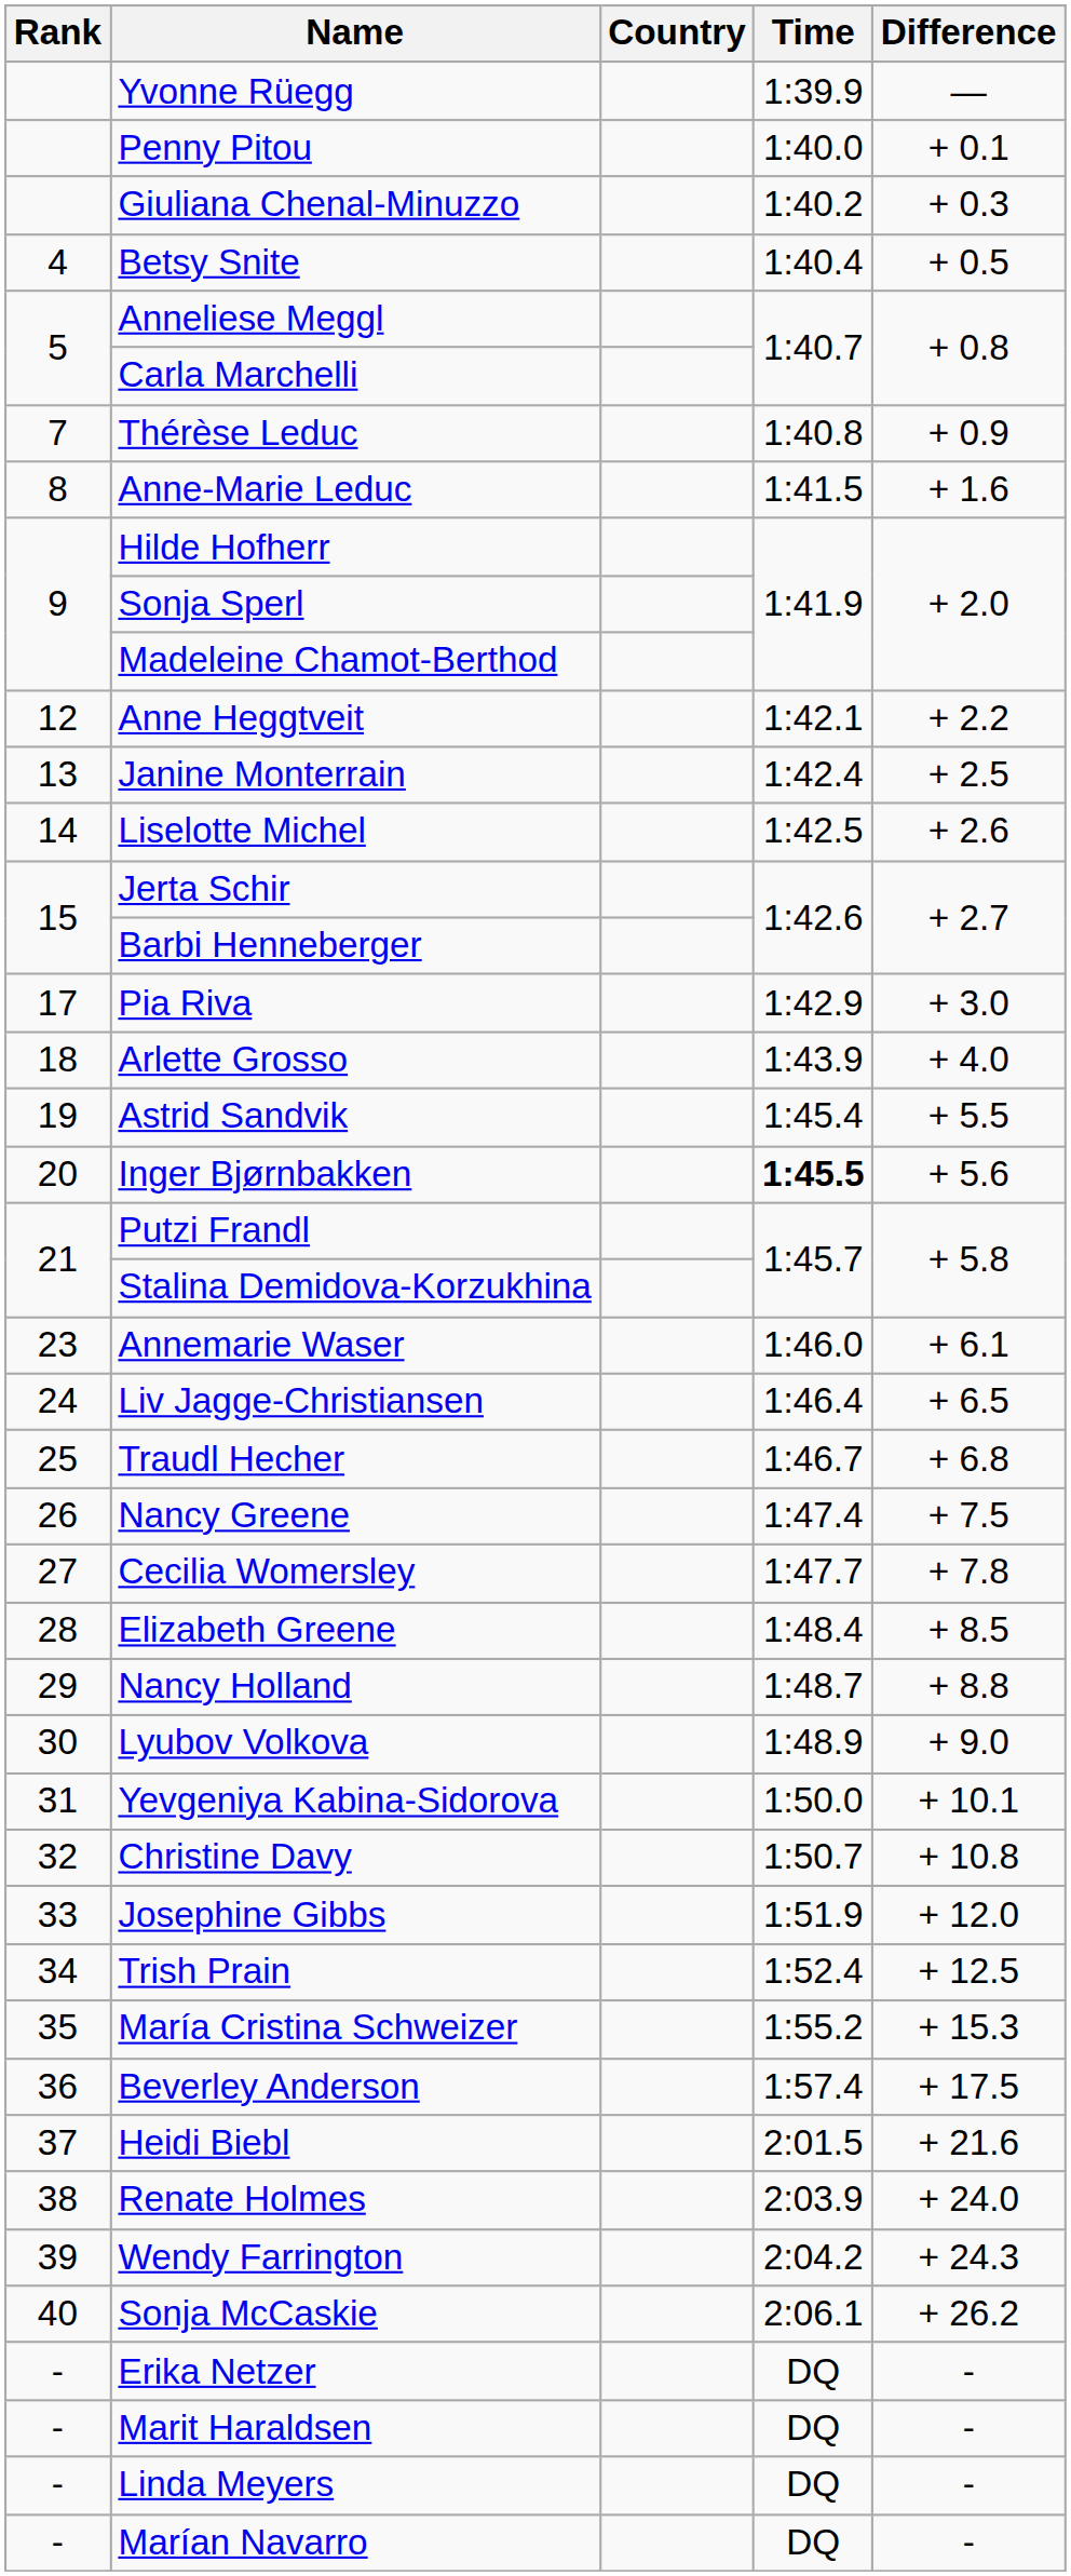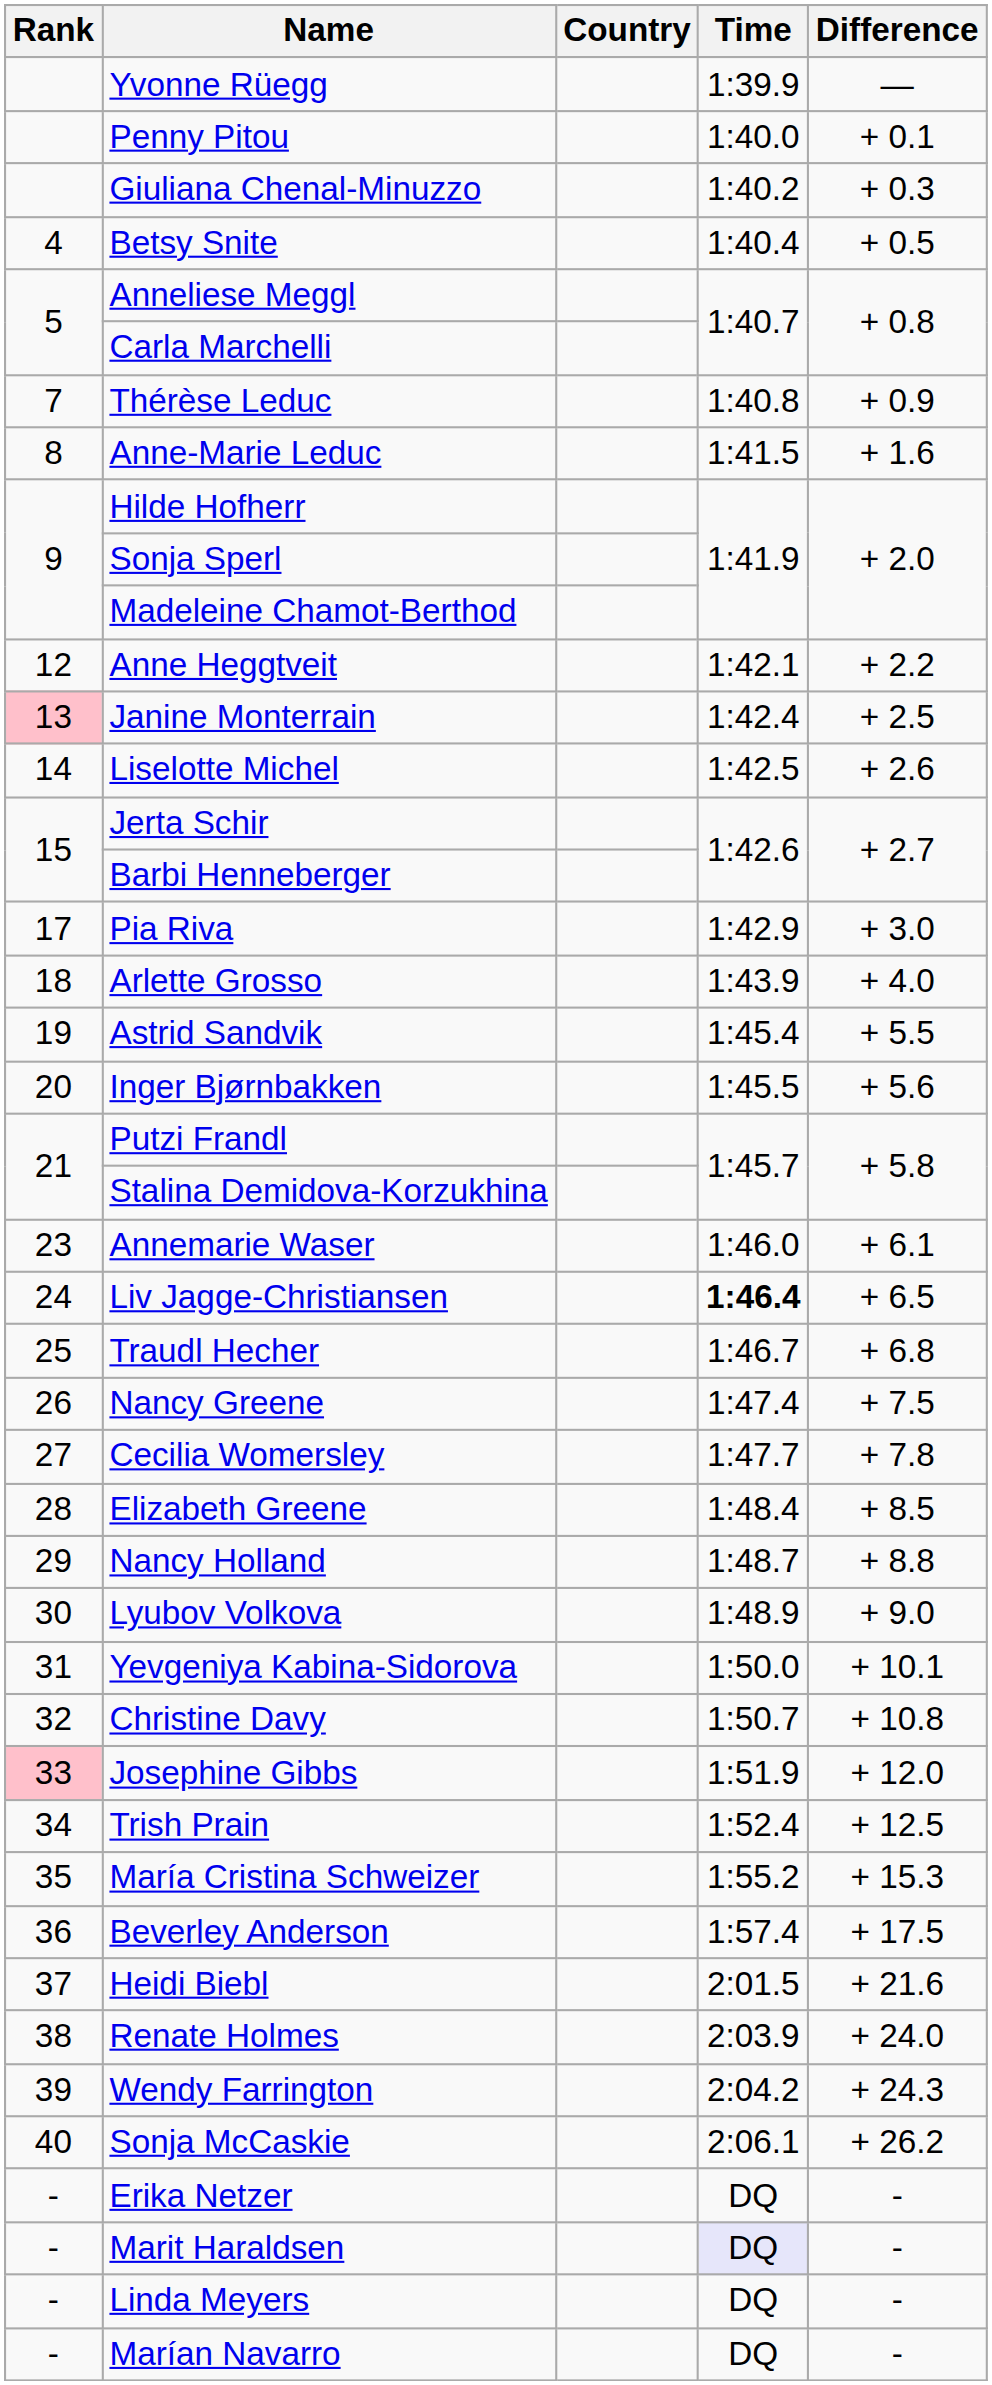 <table class="wikitable sortable" style="text-align:center">
 <tr>
 <th>Rank</th>
 <th>Name</th>
 <th>Country</th>
 <th>Time</th>
 <th>Difference</th>
 </tr>
 <tr>
 <td></td>
 <td align=left><a href='#'>Yvonne Rüegg</a></td>
 <td align=left></td>
 <td>1:39.9</td>
 <td>—</td>
 </tr>
 <tr>
 <td></td>
 <td align=left><a href='#'>Penny Pitou</a></td>
 <td align=left></td>
 <td>1:40.0</td>
 <td>+ 0.1</td>
 </tr>
 <tr>
 <td></td>
 <td align=left><a href='#'>Giuliana Chenal-Minuzzo</a></td>
 <td align=left></td>
 <td>1:40.2</td>
 <td>+ 0.3</td>
 </tr>
 <tr>
 <td>4</td>
 <td align=left><a href='#'>Betsy Snite</a></td>
 <td align=left></td>
 <td>1:40.4</td>
 <td>+ 0.5</td>
 </tr>
 <tr>
 <td rowspan=2>5</td>
 <td align=left><a href='#'>Anneliese Meggl</a></td>
 <td align=left></td>
 <td rowspan=2>1:40.7</td>
 <td rowspan=2>+ 0.8</td>
 </tr>
 <tr>
 <td align=left><a href='#'>Carla Marchelli</a></td>
 <td align=left></td>
 </tr>
 <tr>
 <td>7</td>
 <td align=left><a href='#'>Thérèse Leduc</a></td>
 <td align=left></td>
 <td>1:40.8</td>
 <td>+ 0.9</td>
 </tr>
 <tr>
 <td>8</td>
 <td align=left><a href='#'>Anne-Marie Leduc</a></td>
 <td align=left></td>
 <td>1:41.5</td>
 <td>+ 1.6</td>
 </tr>
 <tr>
 <td rowspan=3>9</td>
 <td align=left><a href='#'>Hilde Hofherr</a></td>
 <td align=left></td>
 <td rowspan=3>1:41.9</td>
 <td rowspan=3>+ 2.0</td>
 </tr>
 <tr>
 <td align=left><a href='#'>Sonja Sperl</a></td>
 <td align=left></td>
 </tr>
 <tr>
 <td align=left><a href='#'>Madeleine Chamot-Berthod</a></td>
 <td align=left></td>
 </tr>
 <tr>
 <td>12</td>
 <td align=left><a href='#'>Anne Heggtveit</a></td>
 <td align=left></td>
 <td>1:42.1</td>
 <td>+ 2.2</td>
 </tr>
 <tr>
-<td>13</td>
+<td style="background: pink;">13</td>
 <td align=left><a href='#'>Janine Monterrain</a></td>
 <td align=left></td>
 <td>1:42.4</td>
 <td>+ 2.5</td>
 </tr>
 <tr>
 <td>14</td>
 <td align=left><a href='#'>Liselotte Michel</a></td>
 <td align=left></td>
 <td>1:42.5</td>
 <td>+ 2.6</td>
 </tr>
 <tr>
 <td rowspan=2>15</td>
 <td align=left><a href='#'>Jerta Schir</a></td>
 <td align=left></td>
 <td rowspan=2>1:42.6</td>
 <td rowspan=2>+ 2.7</td>
 </tr>
 <tr>
 <td align=left><a href='#'>Barbi Henneberger</a></td>
 <td align=left></td>
 </tr>
 <tr>
 <td>17</td>
 <td align=left><a href='#'>Pia Riva</a></td>
 <td align=left></td>
 <td>1:42.9</td>
 <td>+ 3.0</td>
 </tr>
 <tr>
 <td>18</td>
 <td align=left><a href='#'>Arlette Grosso</a></td>
 <td align=left></td>
 <td>1:43.9</td>
 <td>+ 4.0</td>
 </tr>
 <tr>
 <td>19</td>
 <td align=left><a href='#'>Astrid Sandvik</a></td>
 <td align=left></td>
 <td>1:45.4</td>
 <td>+ 5.5</td>
 </tr>
 <tr>
 <td>20</td>
 <td align=left><a href='#'>Inger Bjørnbakken</a></td>
 <td align=left></td>
-<td><strong>1:45.5</strong></td>
+<td>1:45.5</td>
 <td>+ 5.6</td>
 </tr>
 <tr>
 <td rowspan=2>21</td>
 <td align=left><a href='#'>Putzi Frandl</a></td>
 <td align=left></td>
 <td rowspan=2>1:45.7</td>
 <td rowspan=2>+ 5.8</td>
 </tr>
 <tr>
 <td align=left><a href='#'>Stalina Demidova-Korzukhina</a></td>
 <td align=left></td>
 </tr>
 <tr>
 <td>23</td>
 <td align=left><a href='#'>Annemarie Waser</a></td>
 <td align=left></td>
 <td>1:46.0</td>
 <td>+ 6.1</td>
 </tr>
 <tr>
 <td>24</td>
 <td align=left><a href='#'>Liv Jagge-Christiansen</a></td>
 <td align=left></td>
-<td>1:46.4</td>
+<td><strong>1:46.4</strong></td>
 <td>+ 6.5</td>
 </tr>
 <tr>
 <td>25</td>
 <td align=left><a href='#'>Traudl Hecher</a></td>
 <td align=left></td>
 <td>1:46.7</td>
 <td>+ 6.8</td>
 </tr>
 <tr>
 <td>26</td>
 <td align=left><a href='#'>Nancy Greene</a></td>
 <td align=left></td>
 <td>1:47.4</td>
 <td>+ 7.5</td>
 </tr>
 <tr>
 <td>27</td>
 <td align=left><a href='#'>Cecilia Womersley</a></td>
 <td align=left></td>
 <td>1:47.7</td>
 <td>+ 7.8</td>
 </tr>
 <tr>
 <td>28</td>
 <td align=left><a href='#'>Elizabeth Greene</a></td>
 <td align=left></td>
 <td>1:48.4</td>
 <td>+ 8.5</td>
 </tr>
 <tr>
 <td>29</td>
 <td align=left><a href='#'>Nancy Holland</a></td>
 <td align=left></td>
 <td>1:48.7</td>
 <td>+ 8.8</td>
 </tr>
 <tr>
 <td>30</td>
 <td align=left><a href='#'>Lyubov Volkova</a></td>
 <td align=left></td>
 <td>1:48.9</td>
 <td>+ 9.0</td>
 </tr>
 <tr>
 <td>31</td>
 <td align=left><a href='#'>Yevgeniya Kabina-Sidorova</a></td>
 <td align=left></td>
 <td>1:50.0</td>
 <td>+ 10.1</td>
 </tr>
 <tr>
 <td>32</td>
 <td align=left><a href='#'>Christine Davy</a></td>
 <td align=left></td>
 <td>1:50.7</td>
 <td>+ 10.8</td>
 </tr>
 <tr>
-<td>33</td>
+<td style="background: pink;">33</td>
 <td align=left><a href='#'>Josephine Gibbs</a></td>
 <td align=left></td>
 <td>1:51.9</td>
 <td>+ 12.0</td>
 </tr>
 <tr>
 <td>34</td>
 <td align=left><a href='#'>Trish Prain</a></td>
 <td align=left></td>
 <td>1:52.4</td>
 <td>+ 12.5</td>
 </tr>
 <tr>
 <td>35</td>
 <td align=left><a href='#'>María Cristina Schweizer</a></td>
 <td align=left></td>
 <td>1:55.2</td>
 <td>+ 15.3</td>
 </tr>
 <tr>
 <td>36</td>
 <td align=left><a href='#'>Beverley Anderson</a></td>
 <td align=left></td>
 <td>1:57.4</td>
 <td>+ 17.5</td>
 </tr>
 <tr>
 <td>37</td>
 <td align=left><a href='#'>Heidi Biebl</a></td>
 <td align=left></td>
 <td>2:01.5</td>
 <td>+ 21.6</td>
 </tr>
 <tr>
 <td>38</td>
 <td align=left><a href='#'>Renate Holmes</a></td>
 <td align=left></td>
 <td>2:03.9</td>
 <td>+ 24.0</td>
 </tr>
 <tr>
 <td>39</td>
 <td align=left><a href='#'>Wendy Farrington</a></td>
 <td align=left></td>
 <td>2:04.2</td>
 <td>+ 24.3</td>
 </tr>
 <tr>
 <td>40</td>
 <td align=left><a href='#'>Sonja McCaskie</a></td>
 <td align=left></td>
 <td>2:06.1</td>
 <td>+ 26.2</td>
 </tr>
 <tr>
 <td>-</td>
 <td align=left><a href='#'>Erika Netzer</a></td>
 <td align=left></td>
 <td>DQ</td>
 <td>-</td>
 </tr>
 <tr>
 <td>-</td>
 <td align=left><a href='#'>Marit Haraldsen</a></td>
 <td align=left></td>
-<td>DQ</td>
+<td style="background: lavender;">DQ</td>
 <td>-</td>
 </tr>
 <tr>
 <td>-</td>
 <td align=left><a href='#'>Linda Meyers</a></td>
 <td align=left></td>
 <td>DQ</td>
 <td>-</td>
 </tr>
 <tr>
 <td>-</td>
 <td align=left><a href='#'>Marían Navarro</a></td>
 <td align=left></td>
 <td>DQ</td>
 <td>-</td>
 </tr>
 </table>
